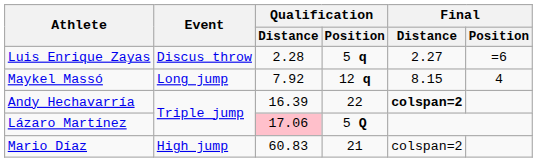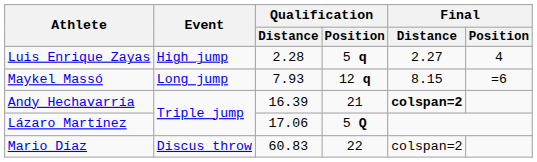 <table class="wikitable" style="font-size:90%">
 <tr>
 <th rowspan="2">Athlete</th>
 <th rowspan="2">Event</th>
 <th colspan="2">Qualification</th>
 <th colspan="2">Final</th>
 </tr>
 <tr style="font-size:95%">
 <th>Distance</th>
 <th>Position</th>
 <th>Distance</th>
 <th>Position</th>
 </tr>
 <tr align=center>
 <td align=left><a href='#'>Luis Enrique Zayas</a></td>
-<td align=left><a href='#'>Discus throw</a></td>
+<td align=left><a href='#'>High jump</a></td>
 <td>2.28</td>
 <td>5 <strong>q</strong></td>
 <td>2.27</td>
-<td>=6</td>
+<td>4</td>
 </tr>
 <tr align=center>
 <td align=left><a href='#'>Maykel Massó</a></td>
 <td align=left><a href='#'>Long jump</a></td>
-<td>7.92</td>
+<td>7.93</td>
 <td>12 <strong>q</strong></td>
 <td>8.15 </td>
-<td>4</td>
+<td>=6</td>
 </tr>
 <tr align=center>
 <td align=left><a href='#'>Andy Hechavarría</a></td>
 <td align=left rowspan=2><a href='#'>Triple jump</a></td>
 <td>16.39</td>
-<td>22</td>
+<td>21</td>
 <td><strong>colspan=2 </strong></td>
 </tr>
 <tr align=center>
 <td align=left><a href='#'>Lázaro Martínez</a></td>
-<td style="background: pink;">17.06</td>
+<td>17.06</td>
 <td>5 <strong>Q</strong></td>
 <td colspan=2></td>
 </tr>
 <tr align=center>
 <td align=left><a href='#'>Mario Díaz</a></td>
-<td align=left><a href='#'>High jump</a></td>
+<td align=left><a href='#'>Discus throw</a></td>
 <td>60.83</td>
-<td>21</td>
+<td>22</td>
 <td>colspan=2 </td>
 </tr>
 </table>
